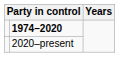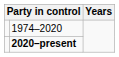 <table class="wikitable">
 <tr>
 <th colspan=2>Party in control</th>
 <th>Years</th>
 </tr>
 <tr>
 <td></td>
-<td><strong>1974–2020</strong></td>
+<td>1974–2020</td>
 </tr>
 <tr>
 <td></td>
-<td>2020–present</td>
+<td><strong>2020–present</strong></td>
 </tr>
 </table>
